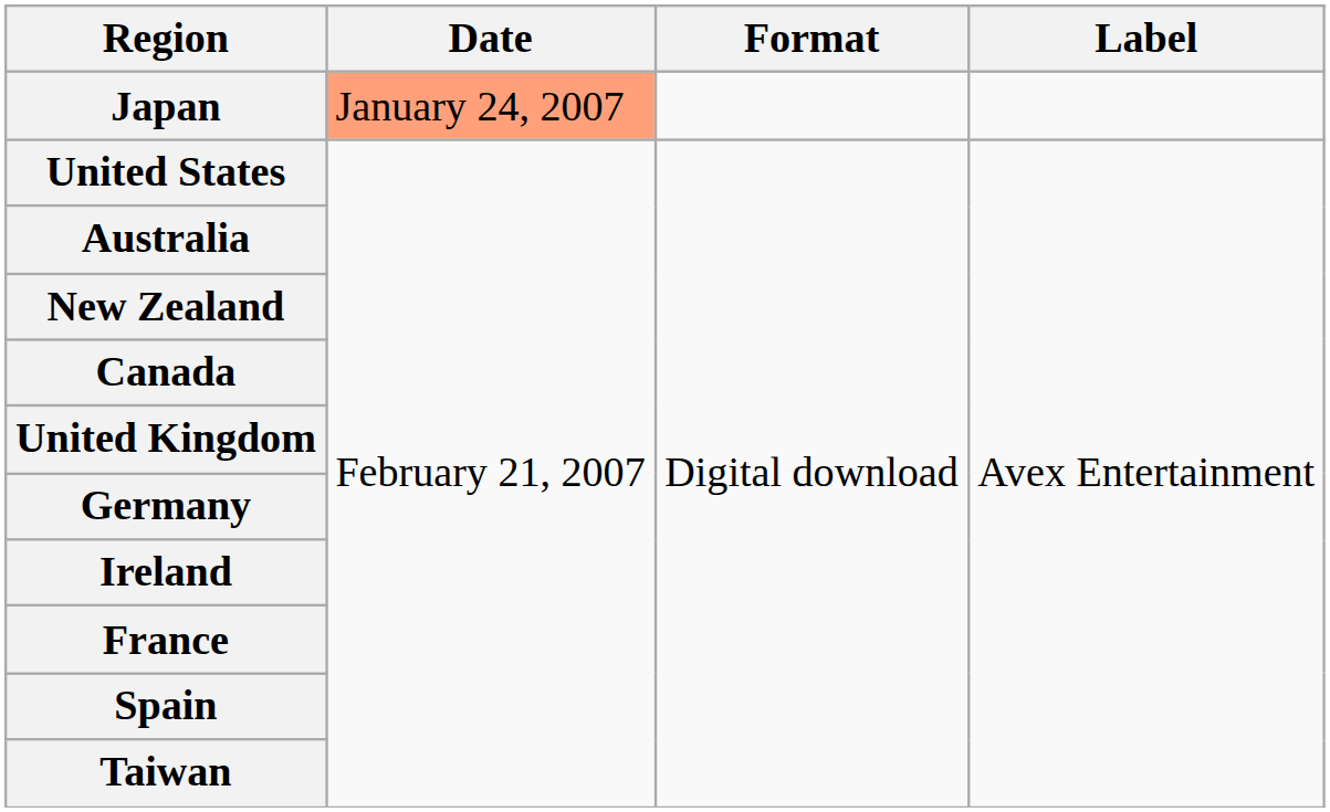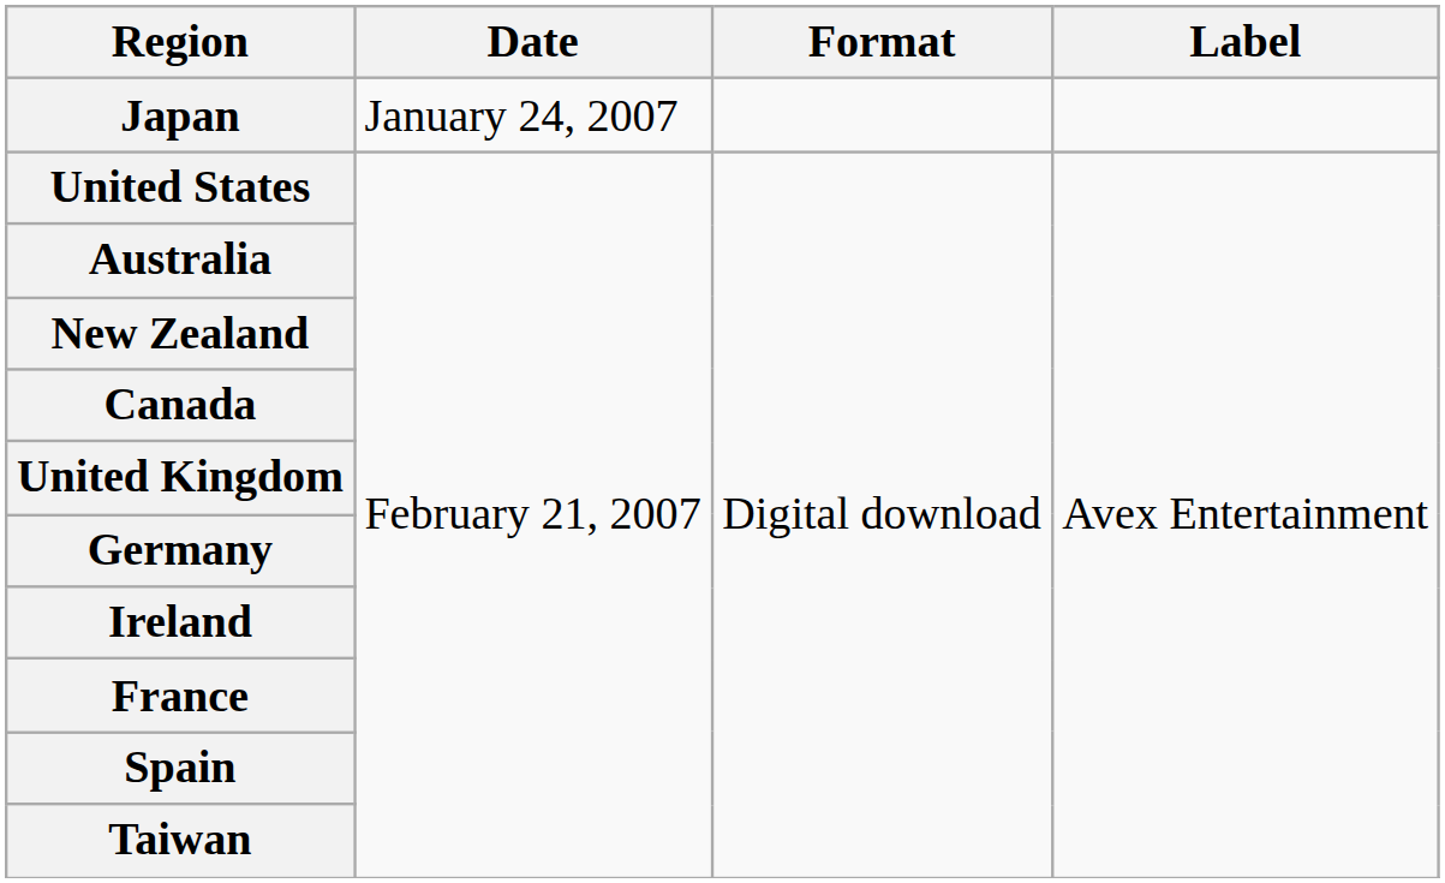 <table class="wikitable plainrowheaders">
 <tr>
 <th scope="col">Region</th>
 <th scope="col">Date</th>
 <th scope="col">Format</th>
 <th scope="col">Label</th>
 </tr>
 <tr>
 <th scope="row">Japan</th>
-<td style="background: lightsalmon;">January 24, 2007</td>
+<td>January 24, 2007</td>
 <td></td>
 <td></td>
 </tr>
 <tr>
 <th scope="row">United States</th>
 <td rowspan="10">February 21, 2007</td>
 <td rowspan="10">Digital download</td>
 <td rowspan="10">Avex Entertainment</td>
 </tr>
 <tr>
 <th scope="row">Australia</th>
 </tr>
 <tr>
 <th scope="row">New Zealand</th>
 </tr>
 <tr>
 <th scope="row">Canada</th>
 </tr>
 <tr>
 <th scope="row">United Kingdom</th>
 </tr>
 <tr>
 <th scope="row">Germany</th>
 </tr>
 <tr>
 <th scope="row">Ireland</th>
 </tr>
 <tr>
 <th scope="row">France</th>
 </tr>
 <tr>
 <th scope="row">Spain</th>
 </tr>
 <tr>
 <th scope="row">Taiwan</th>
 </tr>
 <tr>
 </tr>
 </table>
